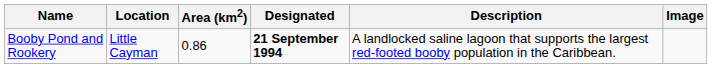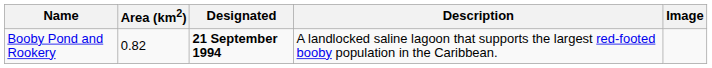 <table class="wikitable sortable">
 <tr>
 <th style="background-color:">Name</th>
-<th style="background-color:">Location</th>
 <th style="background-color:">Area (km<sup>2</sup>)</th>
 <th style="background-color:">Designated</th>
 <th style="background-color:">Description</th>
 <th style="background-color:">Image</th>
 </tr>
 <tr>
 <td><a href='#'>Booby Pond and Rookery</a></td>
-<td><a href='#'>Little Cayman</a><br><small></small></td>
-<td>0.86</td>
+<td>0.82</td>
 <td><strong>21 September 1994</strong></td>
 <td>A landlocked saline lagoon that supports the largest <a href='#'>red-footed booby</a> population in the Caribbean.</td>
 <td></td>
 </tr>
 </table>
